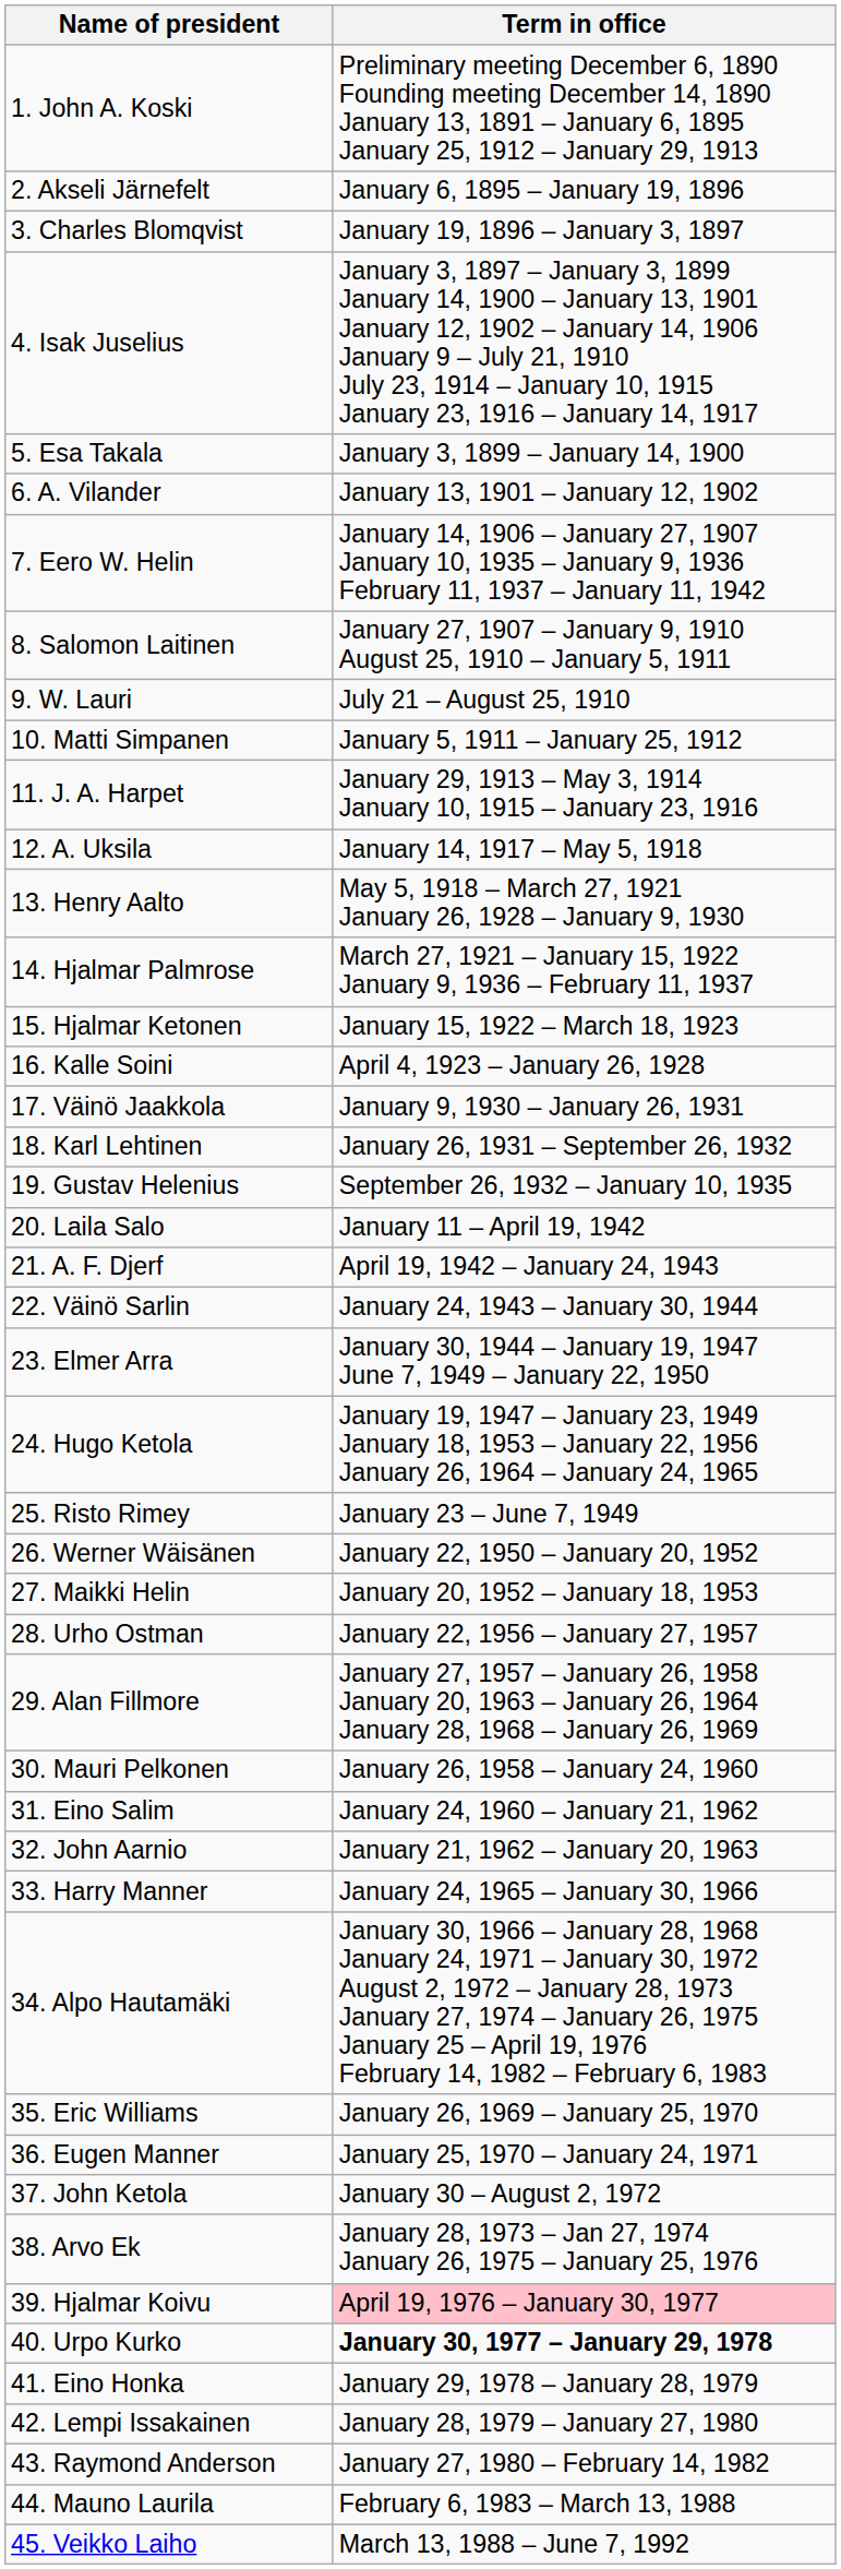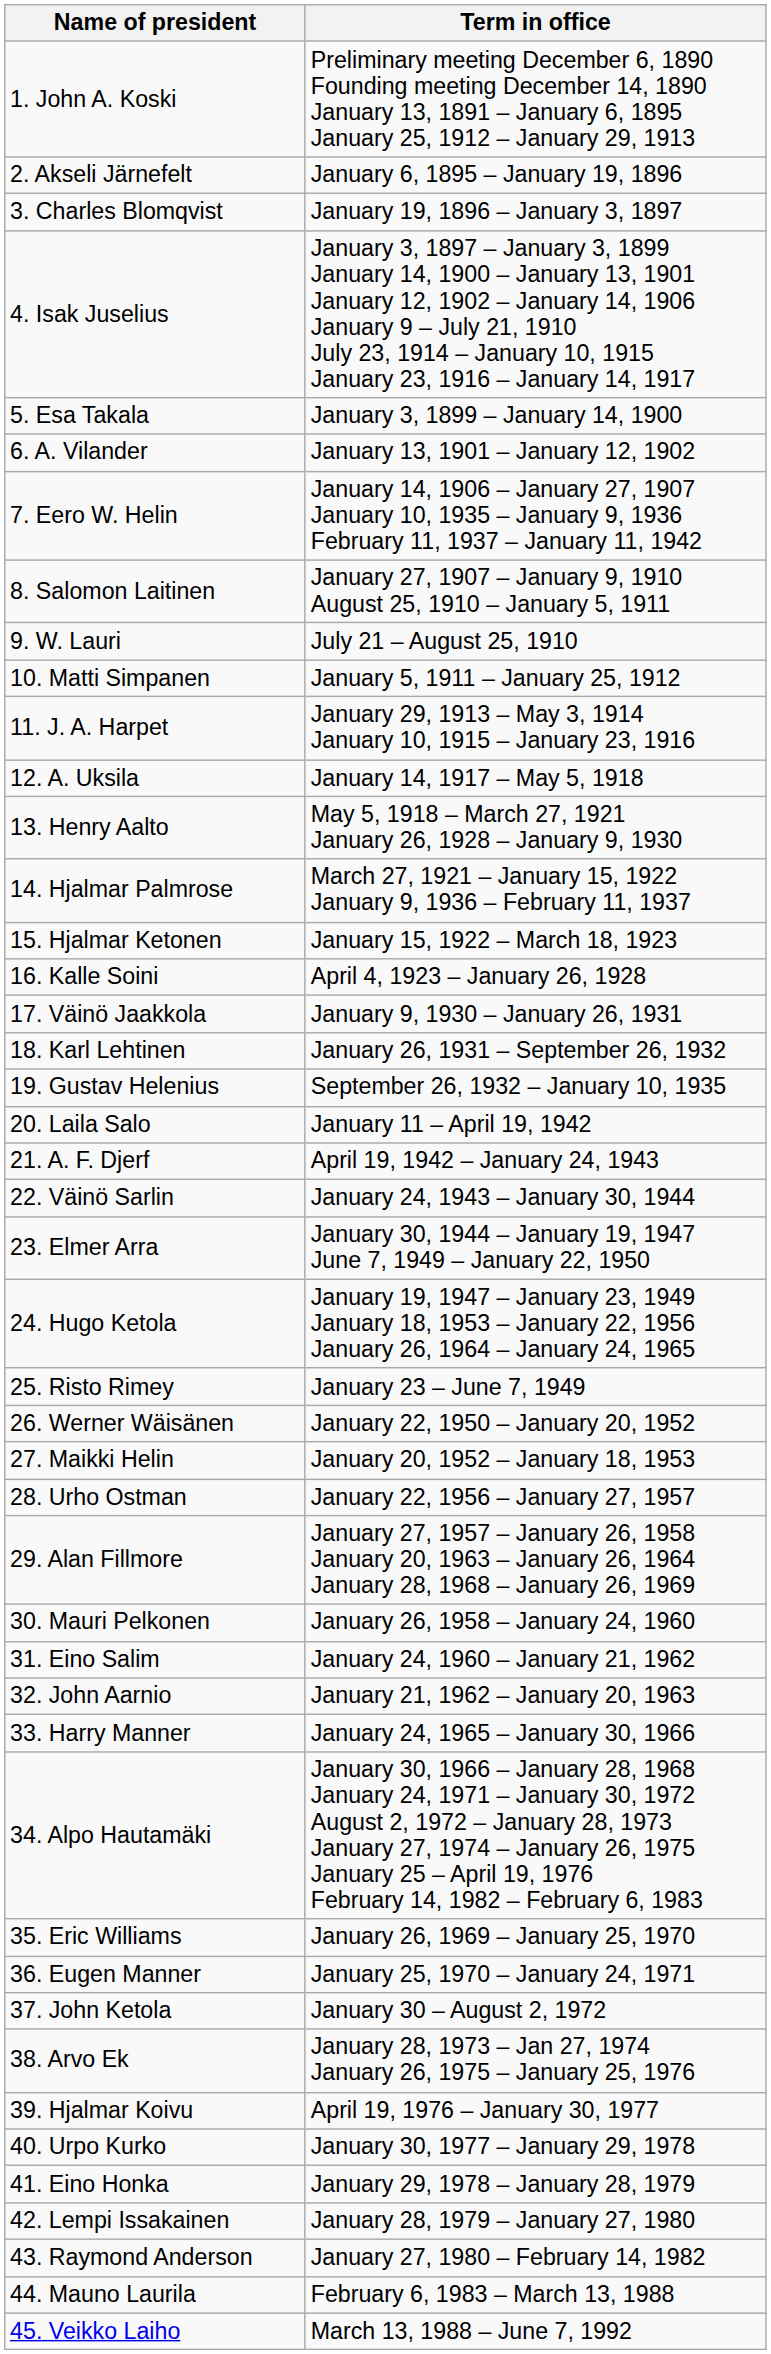 <table class="wikitable">
 <tr>
 <th style="width:200px">Name of president</th>
 <th style="width:310px">Term in office</th>
 </tr>
 <tr>
 <td>1. John A. Koski</td>
 <td>Preliminary meeting December 6, 1890<br>Founding meeting December 14, 1890<br>January 13, 1891 – January 6, 1895<br>January 25, 1912 – January 29, 1913</td>
 </tr>
 <tr>
 <td>2. Akseli Järnefelt</td>
 <td>January 6, 1895 – January 19, 1896</td>
 </tr>
 <tr>
 <td>3. Charles Blomqvist</td>
 <td>January 19, 1896 – January 3, 1897</td>
 </tr>
 <tr>
 <td>4. Isak Juselius</td>
 <td>January 3, 1897 – January 3, 1899<br>January 14, 1900 – January 13, 1901<br>January 12, 1902 – January 14, 1906<br>January 9 – July 21, 1910<br>July 23, 1914 – January 10, 1915<br>January 23, 1916 – January 14, 1917</td>
 </tr>
 <tr>
 <td>5. Esa Takala</td>
 <td>January 3, 1899 – January 14, 1900</td>
 </tr>
 <tr>
 <td>6. A. Vilander</td>
 <td>January 13, 1901 – January 12, 1902</td>
 </tr>
 <tr>
 <td>7. Eero W. Helin</td>
 <td>January 14, 1906 – January 27, 1907<br>January 10, 1935 – January 9, 1936<br>February 11, 1937 – January 11, 1942</td>
 </tr>
 <tr>
 <td>8. Salomon Laitinen</td>
 <td>January 27, 1907 – January 9, 1910<br>August 25, 1910 – January 5, 1911</td>
 </tr>
 <tr>
 <td>9. W. Lauri</td>
 <td>July 21 – August 25, 1910</td>
 </tr>
 <tr>
 <td>10. Matti Simpanen</td>
 <td>January 5, 1911 – January 25, 1912</td>
 </tr>
 <tr>
 <td>11. J. A. Harpet</td>
 <td>January 29, 1913 – May 3, 1914<br>January 10, 1915 – January 23, 1916</td>
 </tr>
 <tr>
 <td>12. A. Uksila</td>
 <td>January 14, 1917 – May 5, 1918</td>
 </tr>
 <tr>
 <td>13. Henry Aalto</td>
 <td>May 5, 1918 – March 27, 1921<br>January 26, 1928 – January 9, 1930</td>
 </tr>
 <tr>
 <td>14. Hjalmar Palmrose</td>
 <td>March 27, 1921 – January 15, 1922<br>January 9, 1936 – February 11, 1937</td>
 </tr>
 <tr>
 <td>15. Hjalmar Ketonen</td>
 <td>January 15, 1922 – March 18, 1923</td>
 </tr>
 <tr>
 <td>16. Kalle Soini</td>
 <td>April 4, 1923 – January 26, 1928</td>
 </tr>
 <tr>
 <td>17. Väinö Jaakkola</td>
 <td>January 9, 1930 – January 26, 1931</td>
 </tr>
 <tr>
 <td>18. Karl Lehtinen</td>
 <td>January 26, 1931 – September 26, 1932</td>
 </tr>
 <tr>
 <td>19. Gustav Helenius</td>
 <td>September 26, 1932 – January 10, 1935</td>
 </tr>
 <tr>
 <td>20. Laila Salo</td>
 <td>January 11 – April 19, 1942</td>
 </tr>
 <tr>
 <td>21. A. F. Djerf</td>
 <td>April 19, 1942 – January 24, 1943</td>
 </tr>
 <tr>
 <td>22. Väinö Sarlin</td>
 <td>January 24, 1943 – January 30, 1944</td>
 </tr>
 <tr>
 <td>23. Elmer Arra</td>
 <td>January 30, 1944 – January 19, 1947<br>June 7, 1949 – January 22, 1950</td>
 </tr>
 <tr>
 <td>24. Hugo Ketola</td>
 <td>January 19, 1947 – January 23, 1949<br>January 18, 1953 – January 22, 1956<br>January 26, 1964 – January 24, 1965</td>
 </tr>
 <tr>
 <td>25. Risto Rimey</td>
 <td>January 23 – June 7, 1949</td>
 </tr>
 <tr>
 <td>26. Werner Wäisänen</td>
 <td>January 22, 1950 – January 20, 1952</td>
 </tr>
 <tr>
 <td>27. Maikki Helin</td>
 <td>January 20, 1952 – January 18, 1953</td>
 </tr>
 <tr>
 <td>28. Urho Ostman</td>
 <td>January 22, 1956 – January 27, 1957</td>
 </tr>
 <tr>
 <td>29. Alan Fillmore</td>
 <td>January 27, 1957 – January 26, 1958<br>January 20, 1963 – January 26, 1964<br>January 28, 1968 – January 26, 1969</td>
 </tr>
 <tr>
 <td>30. Mauri Pelkonen</td>
 <td>January 26, 1958 – January 24, 1960</td>
 </tr>
 <tr>
 <td>31. Eino Salim</td>
 <td>January 24, 1960 – January 21, 1962</td>
 </tr>
 <tr>
 <td>32. John Aarnio</td>
 <td>January 21, 1962 – January 20, 1963</td>
 </tr>
 <tr>
 <td>33. Harry Manner</td>
 <td>January 24, 1965 – January 30, 1966</td>
 </tr>
 <tr>
 <td>34. Alpo Hautamäki</td>
 <td>January 30, 1966 – January 28, 1968<br>January 24, 1971 – January 30, 1972<br>August 2, 1972 – January 28, 1973<br>January 27, 1974 – January 26, 1975<br>January 25 – April 19, 1976<br>February 14, 1982 – February 6, 1983</td>
 </tr>
 <tr>
 <td>35. Eric Williams</td>
 <td>January 26, 1969 – January 25, 1970</td>
 </tr>
 <tr>
 <td>36. Eugen Manner</td>
 <td>January 25, 1970 – January 24, 1971</td>
 </tr>
 <tr>
 <td>37. John Ketola</td>
 <td>January 30 – August 2, 1972</td>
 </tr>
 <tr>
 <td>38. Arvo Ek</td>
 <td>January 28, 1973 – Jan 27, 1974<br>January 26, 1975 – January 25, 1976</td>
 </tr>
 <tr>
 <td>39. Hjalmar Koivu</td>
-<td style="background: pink;">April 19, 1976 – January 30, 1977</td>
+<td>April 19, 1976 – January 30, 1977</td>
 </tr>
 <tr>
 <td>40. Urpo Kurko</td>
-<td><strong>January 30, 1977 – January 29, 1978</strong></td>
+<td>January 30, 1977 – January 29, 1978</td>
 </tr>
 <tr>
 <td>41. Eino Honka</td>
 <td>January 29, 1978 – January 28, 1979</td>
 </tr>
 <tr>
 <td>42. Lempi Issakainen</td>
 <td>January 28, 1979 – January 27, 1980</td>
 </tr>
 <tr>
 <td>43. Raymond Anderson</td>
 <td>January 27, 1980 – February 14, 1982</td>
 </tr>
 <tr>
 <td>44. Mauno Laurila</td>
 <td>February 6, 1983 – March 13, 1988</td>
 </tr>
 <tr>
 <td><a href='#'>45. Veikko Laiho</a></td>
 <td>March 13, 1988 – June 7, 1992</td>
 </tr>
 </table>
